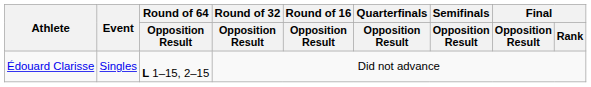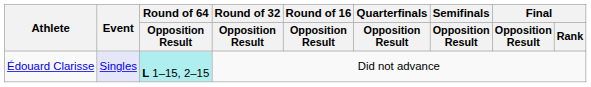 <table class="wikitable" style="font-size:90%">
 <tr>
 <th rowspan="2">Athlete</th>
 <th rowspan="2">Event</th>
 <th>Round of 64</th>
 <th>Round of 32</th>
 <th>Round of 16</th>
 <th>Quarterfinals</th>
 <th>Semifinals</th>
 <th colspan=2>Final</th>
 </tr>
 <tr style="font-size:95%">
 <th>Opposition<br>Result</th>
 <th>Opposition<br>Result</th>
 <th>Opposition<br>Result</th>
 <th>Opposition<br>Result</th>
 <th>Opposition<br>Result</th>
 <th>Opposition<br>Result</th>
 <th>Rank</th>
 </tr>
 <tr align=center>
 <td align=left><a href='#'>Édouard Clarisse</a></td>
-<td align=left><a href='#'>Singles</a></td>
-<td><br><strong>L</strong> 1–15, 2–15</td>
+<td align=left style="background: lavender;"><a href='#'>Singles</a></td>
+<td style="background: paleturquoise;"><br><strong>L</strong> 1–15, 2–15</td>
 <td colspan=6>Did not advance</td>
 </tr>
 </table>
